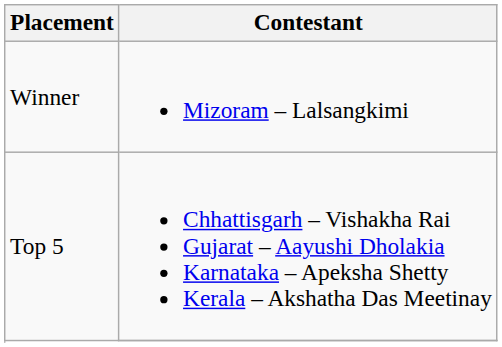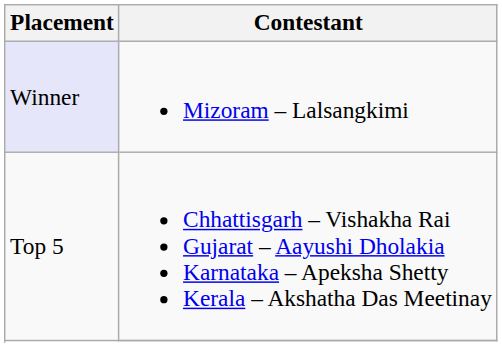 <table class="wikitable">
 <tr>
 <th>Placement</th>
 <th>Contestant</th>
 </tr>
 <tr>
-<td>Winner</td>
+<td style="background: lavender;">Winner</td>
 <td><br><ul><li><a href='#'>Mizoram</a> – Lalsangkimi</li></ul></td>
 </tr>
 <tr>
 <td rowspan=5>Top 5</td>
 <td><br><ul><li><a href='#'>Chhattisgarh</a> – Vishakha Rai</li><li><a href='#'>Gujarat</a> – <a href='#'>Aayushi Dholakia</a></li><li><a href='#'>Karnataka</a> – Apeksha Shetty</li><li><a href='#'>Kerala</a> – Akshatha Das Meetinay</li></ul></td>
 </tr>
 <tr>
 </tr>
 </table>
